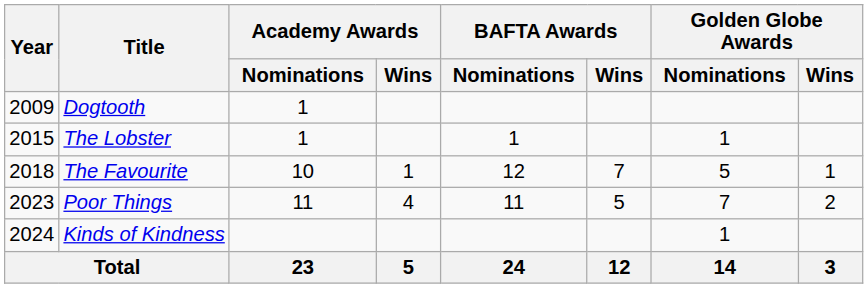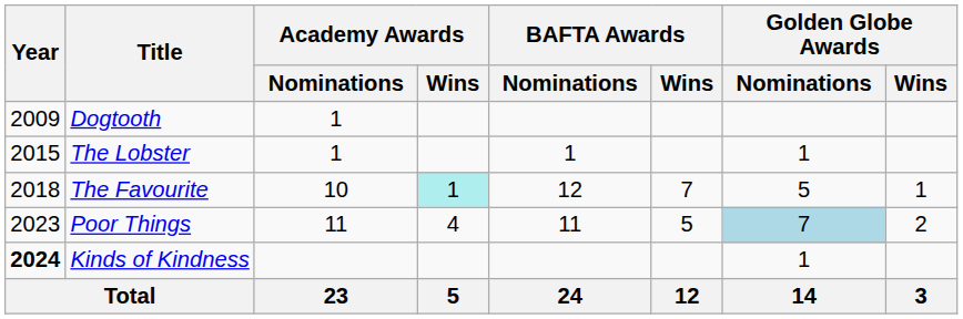 <table class="wikitable">
 <tr>
 <th rowspan="2">Year</th>
 <th rowspan="2">Title</th>
 <th colspan="2" style="text-align:center;" width=160>Academy Awards</th>
 <th colspan="2" style="text-align:center;" width=160>BAFTA Awards</th>
 <th colspan="2" style="text-align:center;" width=160>Golden Globe Awards</th>
 </tr>
 <tr>
 <th>Nominations</th>
 <th>Wins</th>
 <th>Nominations</th>
 <th>Wins</th>
 <th>Nominations</th>
 <th>Wins</th>
 </tr>
 <tr>
 <td>2009</td>
 <td><em><a href='#'>Dogtooth</a></em></td>
 <td style="text-align:center">1</td>
 <td></td>
 <td></td>
 <td></td>
 <td></td>
 <td></td>
 </tr>
 <tr>
 <td>2015</td>
 <td><em><a href='#'>The Lobster</a></em></td>
 <td style="text-align:center">1</td>
 <td></td>
 <td style="text-align:center">1</td>
 <td></td>
 <td style="text-align:center">1</td>
 <td></td>
 </tr>
 <tr>
 <td>2018</td>
 <td><em><a href='#'>The Favourite</a></em></td>
 <td style="text-align:center">10</td>
-<td style="text-align:center">1</td>
+<td style="background: paleturquoise; text-align:center">1</td>
 <td style="text-align:center">12</td>
 <td style="text-align:center">7</td>
 <td style="text-align:center">5</td>
 <td style="text-align:center">1</td>
 </tr>
 <tr>
 <td>2023</td>
 <td><em><a href='#'>Poor Things</a></em></td>
 <td style="text-align:center">11</td>
 <td style="text-align:center">4</td>
 <td style="text-align:center">11</td>
 <td style="text-align:center">5</td>
-<td style="text-align:center">7</td>
+<td style="background: lightblue; text-align:center">7</td>
 <td style="text-align:center">2</td>
 </tr>
 <tr>
-<td>2024</td>
+<td><strong>2024</strong></td>
 <td><em><a href='#'>Kinds of Kindness</a></em></td>
 <td></td>
 <td></td>
 <td></td>
 <td></td>
 <td style="text-align:center">1</td>
 <td></td>
 </tr>
 <tr>
 <th colspan="2">Total</th>
 <th style="text-align:center">23</th>
 <th style="text-align:center">5</th>
 <th style="text-align:center">24</th>
 <th style="text-align:center">12</th>
 <th style="text-align:center">14</th>
 <th style="text-align:center">3</th>
 </tr>
 </table>
